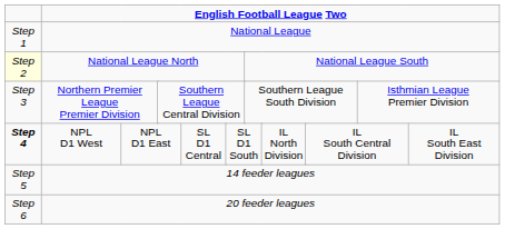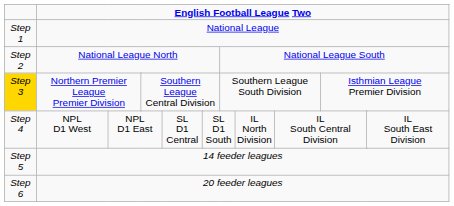 <table class="wikitable" style="text-align: center; font-size: 85%;">
 <tr>
 <td> </td>
 <td colspan="28"><strong><a href='#'>English Football League</a> <a href='#'>Two</a></strong></td>
 </tr>
 <tr style="vertical-align: top;">
 <td><em>Step 1</em></td>
 <td colspan="28"><a href='#'>National League</a></td>
 </tr>
 <tr style="vertical-align: top;">
-<td style="background: lightyellow;"><em>Step 2</em></td>
+<td><em>Step 2</em></td>
 <td colspan="14"><a href='#'>National League North</a></td>
 <td colspan="14"><a href='#'>National League South</a></td>
 </tr>
 <tr style="vertical-align: top;">
-<td><em>Step 3</em></td>
+<td style="background: gold;"><em>Step 3</em></td>
 <td colspan="7"><a href='#'>Northern Premier League</a><br><a href='#'>Premier Division</a></td>
 <td colspan="7"><a href='#'>Southern League</a><br>Central Division</td>
 <td colspan="7">Southern League<br>South Division</td>
 <td colspan="7"><a href='#'>Isthmian League</a><br>Premier Division</td>
 </tr>
 <tr style="vertical-align: top;">
-<td><strong><em>Step 4</em></strong></td>
+<td><em>Step 4</em></td>
 <td colspan="4">NPL<br>D1 West</td>
 <td colspan="4">NPL<br>D1 East</td>
 <td colspan="4">SL<br>D1<br>Central</td>
 <td colspan="4">SL<br>D1<br>South</td>
 <td colspan="4">IL<br>North <br>Division</td>
 <td colspan="4">IL<br>South Central Division</td>
 <td colspan="4">IL<br>South East Division</td>
 </tr>
 <tr style="vertical-align: top;">
 <td><em>Step 5</em></td>
 <td colspan="28"><em>14 feeder leagues</em></td>
 </tr>
 <tr style="vertical-align: top;">
 <td><em>Step 6</em></td>
 <td colspan="28"><em>20 feeder leagues</em></td>
 </tr>
 </table>
